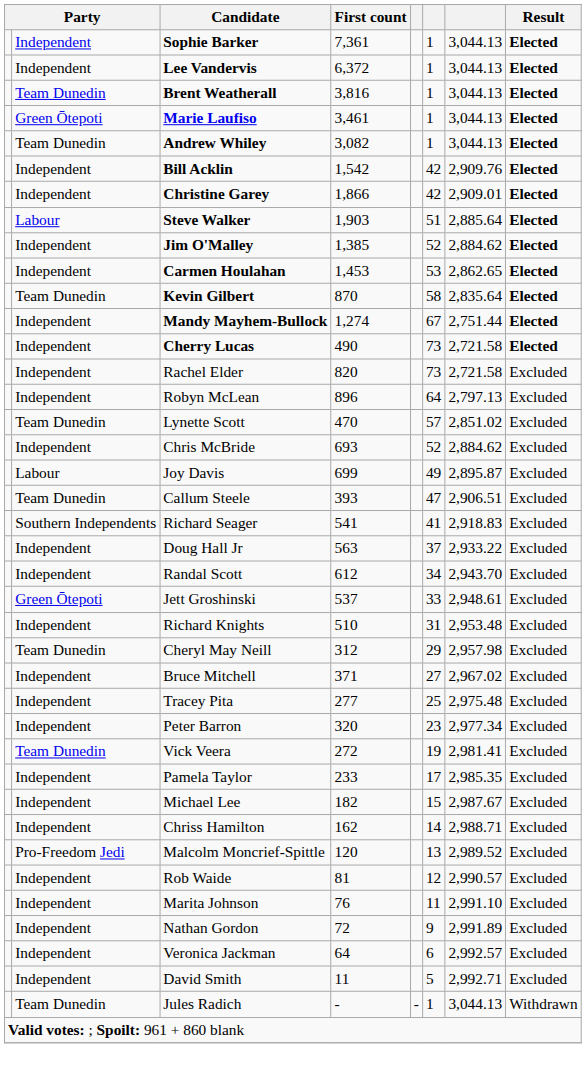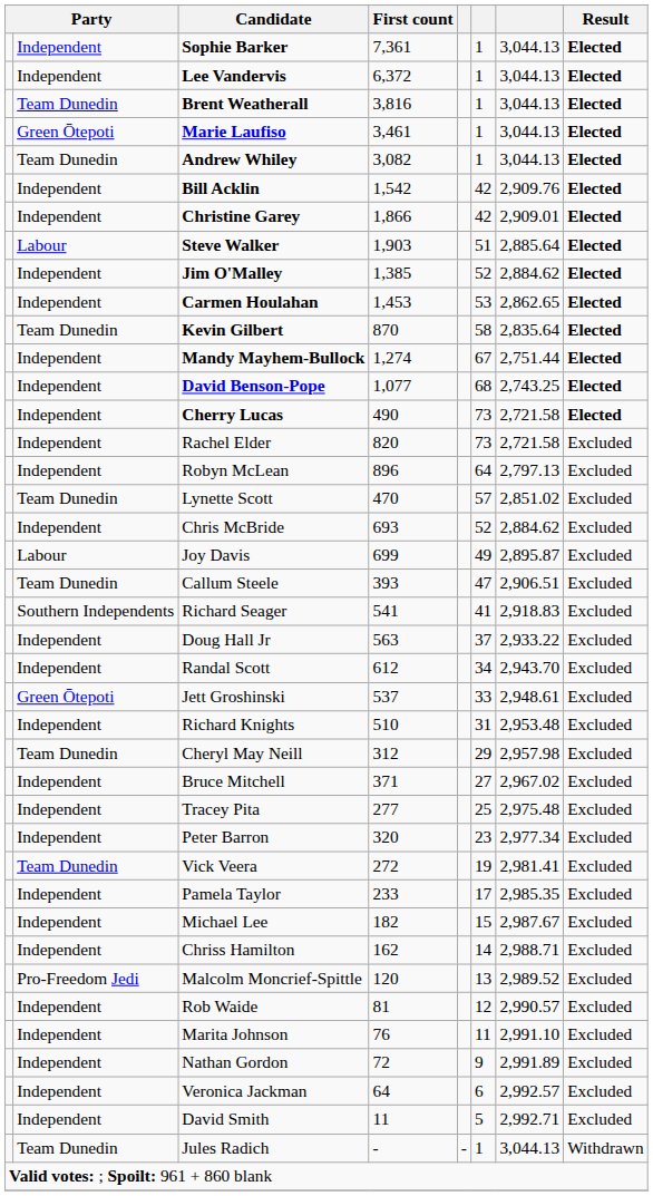 <table class="wikitable sortable" style="font-size: 95%;">
 <tr>
 </tr>
 <tr>
 <th colspan="2">Party</th>
 <th>Candidate</th>
 <th>First count</th>
 <th></th>
 <th></th>
 <th></th>
 <th>Result</th>
 </tr>
 <tr>
 <td></td>
 <td><a href='#'>Independent</a></td>
 <td><strong>Sophie Barker</strong></td>
 <td>7,361</td>
 <td></td>
 <td>1</td>
 <td>3,044.13</td>
 <td><strong>Elected</strong></td>
 </tr>
 <tr>
 <td></td>
 <td>Independent</td>
 <td><strong>Lee Vandervis</strong></td>
 <td>6,372</td>
 <td></td>
 <td>1</td>
 <td>3,044.13</td>
 <td><strong>Elected</strong></td>
 </tr>
 <tr>
 <td></td>
 <td><a href='#'>Team Dunedin</a></td>
 <td><strong>Brent Weatherall</strong></td>
 <td>3,816</td>
 <td></td>
 <td>1</td>
 <td>3,044.13</td>
 <td><strong>Elected</strong></td>
 </tr>
 <tr>
 <td></td>
 <td><a href='#'>Green Ōtepoti</a></td>
 <td><strong><a href='#'>Marie Laufiso</a></strong></td>
 <td>3,461</td>
 <td></td>
 <td>1</td>
 <td>3,044.13</td>
 <td><strong>Elected</strong></td>
 </tr>
 <tr>
 <td></td>
 <td>Team Dunedin</td>
 <td><strong>Andrew Whiley</strong></td>
 <td>3,082</td>
 <td></td>
 <td>1</td>
 <td>3,044.13</td>
 <td><strong>Elected</strong></td>
 </tr>
 <tr>
 <td></td>
 <td>Independent</td>
 <td><strong>Bill Acklin</strong></td>
 <td>1,542</td>
 <td></td>
 <td>42</td>
 <td>2,909.76</td>
 <td><strong>Elected</strong></td>
 </tr>
 <tr>
 <td></td>
 <td>Independent</td>
 <td><strong>Christine Garey</strong></td>
 <td>1,866</td>
 <td></td>
 <td>42</td>
 <td>2,909.01</td>
 <td><strong>Elected</strong></td>
 </tr>
 <tr>
 <td></td>
 <td><a href='#'>Labour</a></td>
 <td><strong>Steve Walker</strong></td>
 <td>1,903</td>
 <td></td>
 <td>51</td>
 <td>2,885.64</td>
 <td><strong>Elected</strong></td>
 </tr>
 <tr>
 <td></td>
 <td>Independent</td>
 <td><strong>Jim O'Malley</strong></td>
 <td>1,385</td>
 <td></td>
 <td>52</td>
 <td>2,884.62</td>
 <td><strong>Elected</strong></td>
 </tr>
 <tr>
 <td></td>
 <td>Independent</td>
 <td><strong>Carmen Houlahan</strong></td>
 <td>1,453</td>
 <td></td>
 <td>53</td>
 <td>2,862.65</td>
 <td><strong>Elected</strong></td>
 </tr>
 <tr>
 <td></td>
 <td>Team Dunedin</td>
 <td><strong>Kevin Gilbert</strong></td>
 <td>870</td>
 <td></td>
 <td>58</td>
 <td>2,835.64</td>
 <td><strong>Elected</strong></td>
 </tr>
 <tr>
 <td></td>
 <td>Independent</td>
 <td><strong>Mandy Mayhem-Bullock</strong></td>
 <td>1,274</td>
 <td></td>
 <td>67</td>
 <td>2,751.44</td>
+<td><strong>Elected</strong></td>
+</tr>
+<tr>
+<td></td>
+<td>Independent</td>
+<td><strong><a href='#'>David Benson-Pope</a></strong></td>
+<td>1,077</td>
+<td></td>
+<td>68</td>
+<td>2,743.25</td>
 <td><strong>Elected</strong></td>
 </tr>
 <tr>
 <td></td>
 <td>Independent</td>
 <td><strong>Cherry Lucas</strong></td>
 <td>490</td>
 <td></td>
 <td>73</td>
 <td>2,721.58</td>
 <td><strong>Elected</strong></td>
 </tr>
 <tr>
 <td></td>
 <td>Independent</td>
 <td>Rachel Elder</td>
 <td>820</td>
 <td></td>
 <td>73</td>
 <td>2,721.58</td>
 <td>Excluded</td>
 </tr>
 <tr>
 <td></td>
 <td>Independent</td>
 <td>Robyn McLean</td>
 <td>896</td>
 <td></td>
 <td>64</td>
 <td>2,797.13</td>
 <td>Excluded</td>
 </tr>
 <tr>
 <td></td>
 <td>Team Dunedin</td>
 <td>Lynette Scott</td>
 <td>470</td>
 <td></td>
 <td>57</td>
 <td>2,851.02</td>
 <td>Excluded</td>
 </tr>
 <tr>
 <td></td>
 <td>Independent</td>
 <td>Chris McBride</td>
 <td>693</td>
 <td></td>
 <td>52</td>
 <td>2,884.62</td>
 <td>Excluded</td>
 </tr>
 <tr>
 <td></td>
 <td>Labour</td>
 <td>Joy Davis</td>
 <td>699</td>
 <td></td>
 <td>49</td>
 <td>2,895.87</td>
 <td>Excluded</td>
 </tr>
 <tr>
 <td></td>
 <td>Team Dunedin</td>
 <td>Callum Steele</td>
 <td>393</td>
 <td></td>
 <td>47</td>
 <td>2,906.51</td>
 <td>Excluded</td>
 </tr>
 <tr>
 <td></td>
 <td>Southern Independents</td>
 <td>Richard Seager</td>
 <td>541</td>
 <td></td>
 <td>41</td>
 <td>2,918.83</td>
 <td>Excluded</td>
 </tr>
 <tr>
 <td></td>
 <td>Independent</td>
 <td>Doug Hall Jr</td>
 <td>563</td>
 <td></td>
 <td>37</td>
 <td>2,933.22</td>
 <td>Excluded</td>
 </tr>
 <tr>
 <td></td>
 <td>Independent</td>
 <td>Randal Scott</td>
 <td>612</td>
 <td></td>
 <td>34</td>
 <td>2,943.70</td>
 <td>Excluded</td>
 </tr>
 <tr>
 <td></td>
 <td><a href='#'>Green Ōtepoti</a></td>
 <td>Jett Groshinski</td>
 <td>537</td>
 <td></td>
 <td>33</td>
 <td>2,948.61</td>
 <td>Excluded</td>
 </tr>
 <tr>
 <td></td>
 <td>Independent</td>
 <td>Richard Knights</td>
 <td>510</td>
 <td></td>
 <td>31</td>
 <td>2,953.48</td>
 <td>Excluded</td>
 </tr>
 <tr>
 <td></td>
 <td>Team Dunedin</td>
 <td>Cheryl May Neill</td>
 <td>312</td>
 <td></td>
 <td>29</td>
 <td>2,957.98</td>
 <td>Excluded</td>
 </tr>
 <tr>
 <td></td>
 <td>Independent</td>
 <td>Bruce Mitchell</td>
 <td>371</td>
 <td></td>
 <td>27</td>
 <td>2,967.02</td>
 <td>Excluded</td>
 </tr>
 <tr>
 <td></td>
 <td>Independent</td>
 <td>Tracey Pita</td>
 <td>277</td>
 <td></td>
 <td>25</td>
 <td>2,975.48</td>
 <td>Excluded</td>
 </tr>
 <tr>
 <td></td>
 <td>Independent</td>
 <td>Peter Barron</td>
 <td>320</td>
 <td></td>
 <td>23</td>
 <td>2,977.34</td>
 <td>Excluded</td>
 </tr>
 <tr>
 <td></td>
 <td><a href='#'>Team Dunedin</a></td>
 <td>Vick Veera</td>
 <td>272</td>
 <td></td>
 <td>19</td>
 <td>2,981.41</td>
 <td>Excluded</td>
 </tr>
 <tr>
 <td></td>
 <td>Independent</td>
 <td>Pamela Taylor</td>
 <td>233</td>
 <td></td>
 <td>17</td>
 <td>2,985.35</td>
 <td>Excluded</td>
 </tr>
 <tr>
 <td></td>
 <td>Independent</td>
 <td>Michael Lee</td>
 <td>182</td>
 <td></td>
 <td>15</td>
 <td>2,987.67</td>
 <td>Excluded</td>
 </tr>
 <tr>
 <td></td>
 <td>Independent</td>
 <td>Chriss Hamilton</td>
 <td>162</td>
 <td></td>
 <td>14</td>
 <td>2,988.71</td>
 <td>Excluded</td>
 </tr>
 <tr>
 <td></td>
 <td>Pro-Freedom <a href='#'>Jedi</a></td>
 <td>Malcolm Moncrief-Spittle</td>
 <td>120</td>
 <td></td>
 <td>13</td>
 <td>2,989.52</td>
 <td>Excluded</td>
 </tr>
 <tr>
 <td></td>
 <td>Independent</td>
 <td>Rob Waide</td>
 <td>81</td>
 <td></td>
 <td>12</td>
 <td>2,990.57</td>
 <td>Excluded</td>
 </tr>
 <tr>
 <td></td>
 <td>Independent</td>
 <td>Marita Johnson</td>
 <td>76</td>
 <td></td>
 <td>11</td>
 <td>2,991.10</td>
 <td>Excluded</td>
 </tr>
 <tr>
 <td></td>
 <td>Independent</td>
 <td>Nathan Gordon</td>
 <td>72</td>
 <td></td>
 <td>9</td>
 <td>2,991.89</td>
 <td>Excluded</td>
 </tr>
 <tr>
 <td></td>
 <td>Independent</td>
 <td>Veronica Jackman</td>
 <td>64</td>
 <td></td>
 <td>6</td>
 <td>2,992.57</td>
 <td>Excluded</td>
 </tr>
 <tr>
 <td></td>
 <td>Independent</td>
 <td>David Smith</td>
 <td>11</td>
 <td></td>
 <td>5</td>
 <td>2,992.71</td>
 <td>Excluded</td>
 </tr>
 <tr>
 <td></td>
 <td>Team Dunedin</td>
 <td>Jules Radich</td>
 <td>-</td>
 <td>-</td>
 <td>1</td>
 <td>3,044.13</td>
 <td>Withdrawn</td>
 </tr>
 <tr>
 <td colspan=8><strong>Valid votes:</strong> ;  <strong>Spoilt:</strong> 961 + 860 blank</td>
 </tr>
 <tr>
 </tr>
 </table>
